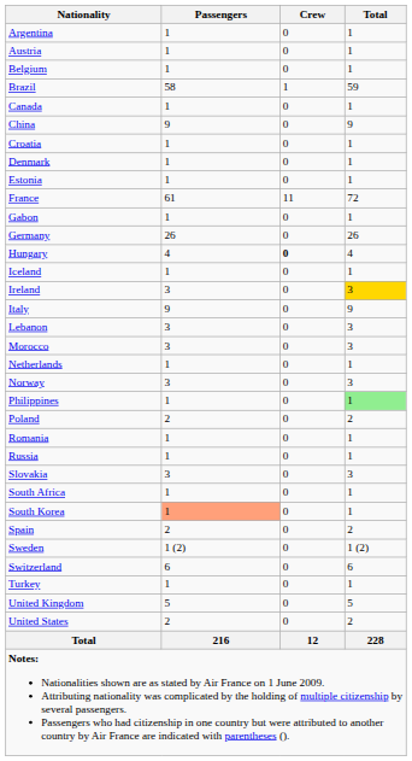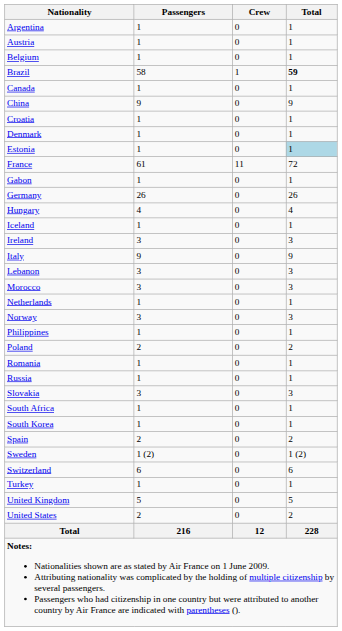 <table class="wikitable sortable" style="margin-left:2em; font-size:85%; width: 36em;">
 <tr>
 <th>Nationality</th>
 <th>Passengers</th>
 <th>Crew</th>
 <th>Total</th>
 </tr>
 <tr>
 <td><a href='#'>Argentina</a></td>
 <td>1</td>
 <td>0</td>
 <td>1</td>
 </tr>
 <tr>
 <td><a href='#'>Austria</a></td>
 <td>1</td>
 <td>0</td>
 <td>1</td>
 </tr>
 <tr>
 <td><a href='#'>Belgium</a></td>
 <td>1</td>
 <td>0</td>
 <td>1</td>
 </tr>
 <tr>
 <td><a href='#'>Brazil</a></td>
 <td>58</td>
 <td>1</td>
-<td>59</td>
+<td><strong>59</strong></td>
 </tr>
 <tr>
 <td><a href='#'>Canada</a></td>
 <td>1</td>
 <td>0</td>
 <td>1</td>
 </tr>
 <tr>
 <td><a href='#'>China</a></td>
 <td>9</td>
 <td>0</td>
 <td>9</td>
 </tr>
 <tr>
 <td><a href='#'>Croatia</a></td>
 <td>1</td>
 <td>0</td>
 <td>1</td>
 </tr>
 <tr>
 <td><a href='#'>Denmark</a></td>
 <td>1</td>
 <td>0</td>
 <td>1</td>
 </tr>
 <tr>
 <td><a href='#'>Estonia</a></td>
 <td>1</td>
 <td>0</td>
-<td>1</td>
+<td style="background: lightblue;">1</td>
 </tr>
 <tr>
 <td><a href='#'>France</a></td>
 <td>61</td>
 <td>11</td>
 <td>72</td>
 </tr>
 <tr>
 <td><a href='#'>Gabon</a></td>
 <td>1</td>
 <td>0</td>
 <td>1</td>
 </tr>
 <tr>
 <td><a href='#'>Germany</a></td>
 <td>26</td>
 <td>0</td>
 <td>26</td>
 </tr>
 <tr>
 <td><a href='#'>Hungary</a></td>
 <td>4</td>
-<td><strong>0</strong></td>
+<td>0</td>
 <td>4</td>
 </tr>
 <tr>
 <td><a href='#'>Iceland</a></td>
 <td>1</td>
 <td>0</td>
 <td>1</td>
 </tr>
 <tr>
 <td><a href='#'>Ireland</a></td>
 <td>3</td>
 <td>0</td>
-<td style="background: gold;">3</td>
+<td>3</td>
 </tr>
 <tr>
 <td><a href='#'>Italy</a></td>
 <td>9</td>
 <td>0</td>
 <td>9</td>
 </tr>
 <tr>
 <td><a href='#'>Lebanon</a></td>
 <td>3</td>
 <td>0</td>
 <td>3</td>
 </tr>
 <tr>
 <td><a href='#'>Morocco</a></td>
 <td>3</td>
 <td>0</td>
 <td>3</td>
 </tr>
 <tr>
 <td><a href='#'>Netherlands</a></td>
 <td>1</td>
 <td>0</td>
 <td>1</td>
 </tr>
 <tr>
 <td><a href='#'>Norway</a></td>
 <td>3</td>
 <td>0</td>
 <td>3</td>
 </tr>
 <tr>
 <td><a href='#'>Philippines</a></td>
 <td>1</td>
 <td>0</td>
-<td style="background: lightgreen;">1</td>
+<td>1</td>
 </tr>
 <tr>
 <td><a href='#'>Poland</a></td>
 <td>2</td>
 <td>0</td>
 <td>2</td>
 </tr>
 <tr>
 <td><a href='#'>Romania</a></td>
 <td>1</td>
 <td>0</td>
 <td>1</td>
 </tr>
 <tr>
 <td><a href='#'>Russia</a></td>
 <td>1</td>
 <td>0</td>
 <td>1</td>
 </tr>
 <tr>
 <td><a href='#'>Slovakia</a></td>
 <td>3</td>
 <td>0</td>
 <td>3</td>
 </tr>
 <tr>
 <td><a href='#'>South Africa</a></td>
 <td>1</td>
 <td>0</td>
 <td>1</td>
 </tr>
 <tr>
 <td><a href='#'>South Korea</a></td>
-<td style="background: lightsalmon;">1</td>
+<td>1</td>
 <td>0</td>
 <td>1</td>
 </tr>
 <tr>
 <td><a href='#'>Spain</a></td>
 <td>2</td>
 <td>0</td>
 <td>2</td>
 </tr>
 <tr>
 <td><a href='#'>Sweden</a></td>
 <td>1 (2)</td>
 <td>0</td>
 <td>1 (2)</td>
 </tr>
 <tr>
 <td><a href='#'>Switzerland</a></td>
 <td>6</td>
 <td>0</td>
 <td>6</td>
 </tr>
 <tr>
 <td><a href='#'>Turkey</a></td>
 <td>1</td>
 <td>0</td>
 <td>1</td>
 </tr>
 <tr>
 <td><a href='#'>United Kingdom</a></td>
 <td>5</td>
 <td>0</td>
 <td>5</td>
 </tr>
 <tr>
 <td><a href='#'>United States</a></td>
 <td>2</td>
 <td>0</td>
 <td>2</td>
 </tr>
 <tr class="sortbottom">
 <th>Total</th>
 <th>216</th>
 <th>12</th>
 <th>228</th>
 </tr>
 <tr class="sortbottom">
 <td colspan="4" style="text-align:left;"><strong>Notes:</strong><br><ul><li>Nationalities shown are as stated by Air France on 1 June 2009.</li><li>Attributing nationality was complicated by the holding of <a href='#'>multiple citizenship</a> by several passengers.</li><li>Passengers who had citizenship in one country but were attributed to another country by Air France are indicated with <a href='#'>parentheses</a> ().</li></ul></td>
 </tr>
 </table>
